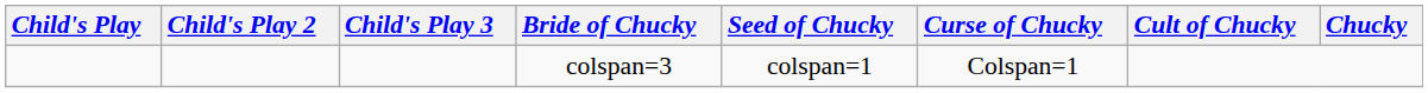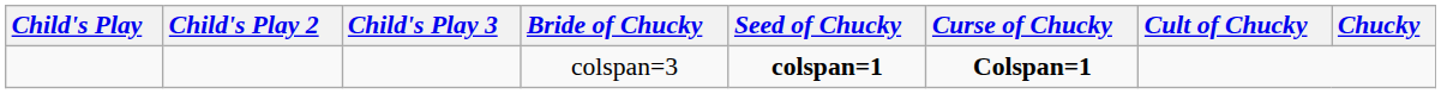 <table class="wikitable plainrowheaders" style="text-align:center" width=100%>
 <tr>
 <th scope="row" style="text-align:left"><em><a href='#'>Child's Play</a></em></th>
 <th scope="row" style="text-align:left"><em><a href='#'>Child's Play 2</a></em></th>
 <th scope="row" style="text-align:left"><em><a href='#'>Child's Play 3</a></em></th>
 <th scope="row" style="text-align:left"><em><a href='#'>Bride of Chucky</a></em></th>
 <th scope="row" style="text-align:left"><em><a href='#'>Seed of Chucky</a></em></th>
 <th scope="row" style="text-align:left"><em><a href='#'>Curse of Chucky</a></em></th>
 <th scope="row" style="text-align:left"><em><a href='#'>Cult of Chucky</a></em></th>
 <th scope="row" style="text-align:left"><em><a href='#'>Chucky</a></em></th>
 </tr>
 <tr>
 <td></td>
 <td></td>
 <td></td>
 <td>colspan=3 </td>
-<td>colspan=1 </td>
-<td>Colspan=1 </td>
+<td><strong>colspan=1 </strong></td>
+<td><strong>Colspan=1 </strong></td>
 </tr>
 </table>
